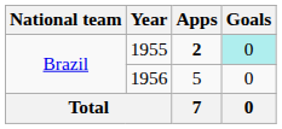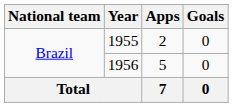 <table class="wikitable" style="text-align:center">
 <tr>
 <th>National team</th>
 <th>Year</th>
 <th>Apps</th>
 <th>Goals</th>
 </tr>
 <tr>
 <td rowspan="2"><a href='#'>Brazil</a></td>
 <td>1955</td>
-<td><strong>2</strong></td>
-<td style="background: paleturquoise;">0</td>
+<td>2</td>
+<td>0</td>
 </tr>
 <tr>
 <td>1956</td>
 <td>5</td>
 <td>0</td>
 </tr>
 <tr>
 <th colspan=2>Total</th>
 <th>7</th>
 <th>0</th>
 </tr>
 </table>
